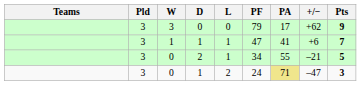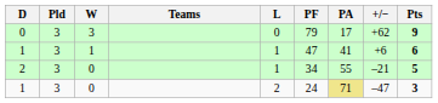 <table class="wikitable" style="text-align: center;">
 <tr>
-<th width="200">Teams</th>
+<th width="40">D</th>
 <th width="40">Pld</th>
 <th width="40">W</th>
-<th width="40">D</th>
+<th width="200">Teams</th>
 <th width="40">L</th>
 <th width="40">PF</th>
 <th width="40">PA</th>
 <th width="40">+/−</th>
 <th width="40">Pts</th>
 </tr>
 <tr style="background:#cfc; width:20px;">
-<td align=left></td>
+<td>0</td>
 <td>3</td>
 <td>3</td>
-<td>0</td>
+<td align=left></td>
 <td>0</td>
 <td>79</td>
 <td>17</td>
 <td>+62</td>
 <td><strong>9</strong></td>
 </tr>
 <tr style="background:#cfc; width:20px;">
-<td align=left></td>
+<td>1</td>
 <td>3</td>
 <td>1</td>
-<td>1</td>
+<td align=left></td>
 <td>1</td>
 <td>47</td>
 <td>41</td>
 <td>+6</td>
-<td><strong>7</strong></td>
+<td><strong>6</strong></td>
 </tr>
 <tr style="background:#cfc; width:20px;">
-<td align=left></td>
+<td>2</td>
 <td>3</td>
 <td>0</td>
-<td>2</td>
+<td align=left></td>
 <td>1</td>
 <td>34</td>
 <td>55</td>
 <td>–21</td>
 <td><strong>5</strong></td>
 </tr>
 <tr>
-<td align=left></td>
+<td>1</td>
 <td>3</td>
 <td>0</td>
-<td>1</td>
+<td align=left></td>
 <td>2</td>
 <td>24</td>
 <td style="background: khaki;">71</td>
 <td>–47</td>
 <td><strong>3</strong></td>
 </tr>
 </table>
